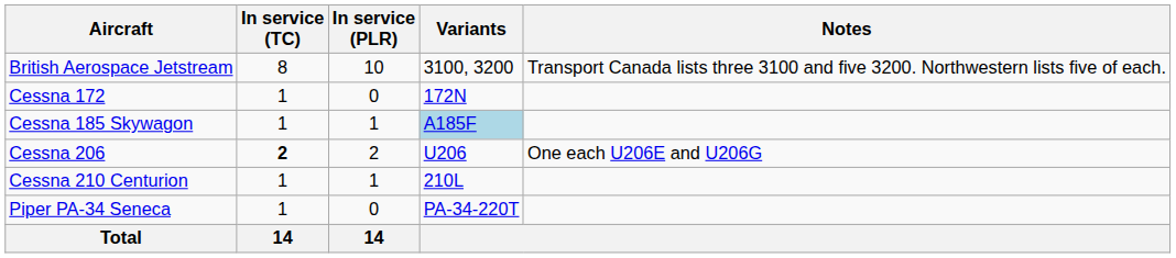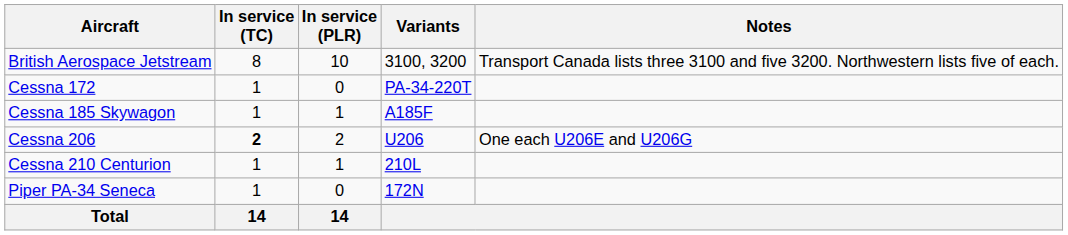 <table class="wikitable" style="margin:1em auto; border-collapse:collapse">
 <tr>
 <th>Aircraft</th>
 <th>In service <br>(TC)</th>
 <th>In service <br>(PLR)</th>
 <th>Variants</th>
 <th>Notes</th>
 </tr>
 <tr>
 <td><a href='#'>British Aerospace Jetstream</a></td>
 <td align=center>8</td>
 <td align=center>10</td>
 <td>3100, 3200</td>
 <td>Transport Canada lists three 3100 and five 3200. Northwestern lists five of each.</td>
 </tr>
 <tr>
 <td><a href='#'>Cessna 172</a></td>
 <td align=center>1</td>
 <td align=center>0</td>
-<td><a href='#'>172N</a></td>
+<td><a href='#'>PA-34-220T</a></td>
 </tr>
 <tr>
 <td><a href='#'>Cessna 185 Skywagon</a></td>
 <td align=center>1</td>
 <td align=center>1</td>
-<td style="background: lightblue;"><a href='#'>A185F</a></td>
+<td><a href='#'>A185F</a></td>
 <td></td>
 </tr>
 <tr>
 <td><a href='#'>Cessna 206</a></td>
 <td align=center><strong>2</strong></td>
 <td align=center>2</td>
 <td><a href='#'>U206</a></td>
 <td>One each <a href='#'>U206E</a> and <a href='#'>U206G</a></td>
 </tr>
 <tr>
 <td><a href='#'>Cessna 210 Centurion</a></td>
 <td align=center>1</td>
 <td align=center>1</td>
 <td><a href='#'>210L</a></td>
 <td></td>
 </tr>
 <tr>
 <td><a href='#'>Piper PA-34 Seneca</a></td>
 <td align=center>1</td>
 <td align=center>0</td>
-<td><a href='#'>PA-34-220T</a></td>
+<td><a href='#'>172N</a></td>
 <td></td>
 </tr>
 <tr>
 <th>Total</th>
 <th>14</th>
 <th>14</th>
 <th colspan="2"></th>
 </tr>
 </table>
